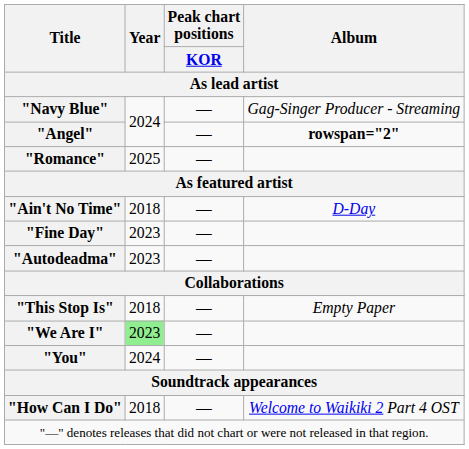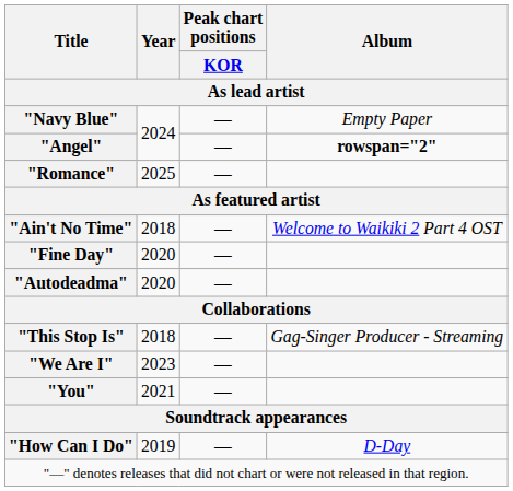 <table class="wikitable plainrowheaders" style="text-align:center;">
 <tr>
 <th rowspan="2">Title</th>
 <th rowspan="2">Year</th>
 <th>Peak chart<br>positions</th>
 <th rowspan="2">Album</th>
 </tr>
 <tr>
 <th><a href='#'>KOR</a><br></th>
 </tr>
 <tr>
 <th colspan="6">As lead artist</th>
 </tr>
 <tr>
 <th scope="row">"Navy Blue"</th>
 <td rowspan="2">2024</td>
 <td —>—</td>
-<td><em>Gag-Singer Producer - Streaming</em></td>
+<td><em>Empty Paper</em></td>
 </tr>
 <tr>
 <th scope="row">"Angel"</th>
 <td —>—</td>
 <td><strong>rowspan="2" </strong></td>
 </tr>
 <tr>
 <th scope="row">"Romance"</th>
 <td>2025</td>
 <td —>—</td>
 </tr>
 <tr>
 <th colspan="6">As featured artist</th>
 </tr>
 <tr>
 <th scope="row">"Ain't No Time" <br></th>
 <td>2018</td>
 <td>—</td>
-<td><em><a href='#'>D-Day</a></em></td>
+<td><em><a href='#'>Welcome to Waikiki 2</a> Part 4 OST</em></td>
 </tr>
 <tr>
 <th scope="row">"Fine Day" <br></th>
-<td>2023</td>
+<td>2020</td>
 <td>—</td>
 <td></td>
 </tr>
 <tr>
 <th scope="row">"Autodeadma" <br></th>
-<td>2023</td>
+<td>2020</td>
 <td>—</td>
 <td></td>
 </tr>
 <tr>
 <th colspan="6">Collaborations</th>
 </tr>
 <tr>
 <th scope="row">"This Stop Is"<br></th>
 <td>2018</td>
 <td>—</td>
-<td><em>Empty Paper</em></td>
+<td><em>Gag-Singer Producer - Streaming</em></td>
 </tr>
 <tr>
 <th scope="row">"We Are I"<br></th>
-<td style="background: lightgreen;">2023</td>
+<td>2023</td>
 <td>—</td>
 <td></td>
 </tr>
 <tr>
 <th scope="row">"You"<br></th>
-<td>2024</td>
+<td>2021</td>
 <td>—</td>
 <td></td>
 </tr>
 <tr>
 <th colspan="5">Soundtrack appearances</th>
 </tr>
 <tr>
 <th scope="row">"How Can I Do" <br></th>
-<td>2018</td>
+<td>2019</td>
 <td>—</td>
-<td><em><a href='#'>Welcome to Waikiki 2</a> Part 4 OST</em></td>
+<td><em><a href='#'>D-Day</a></em></td>
 </tr>
 <tr>
 <td colspan="5"><small>"—" denotes releases that did not chart or were not released in that region.</small></td>
 </tr>
 </table>
